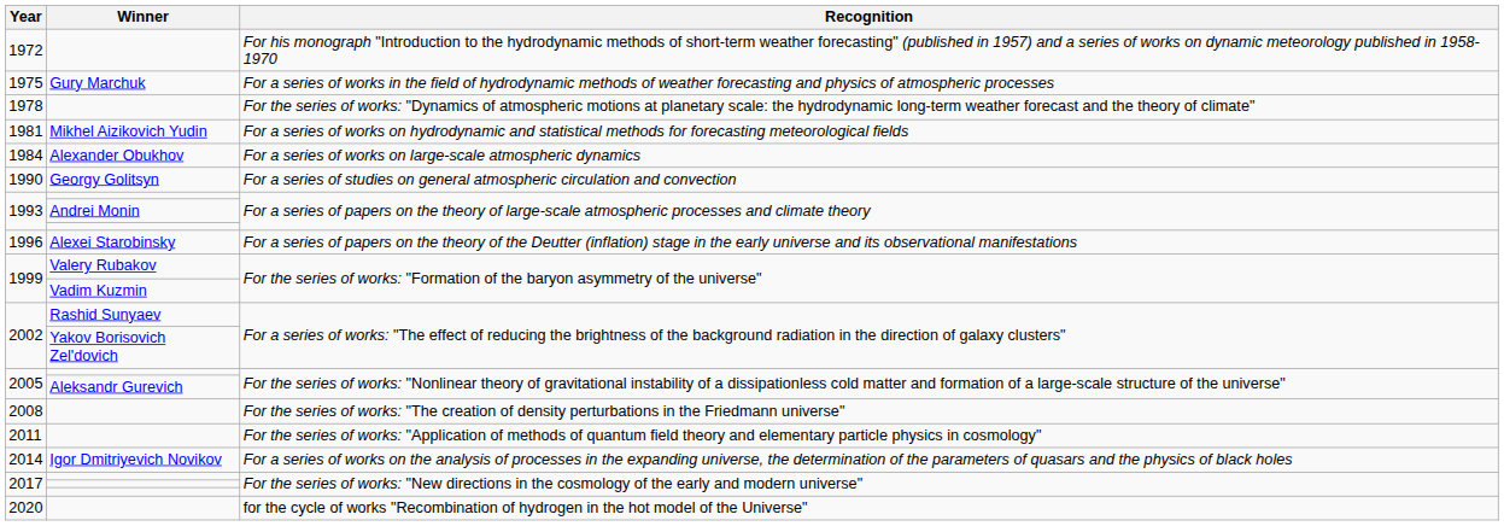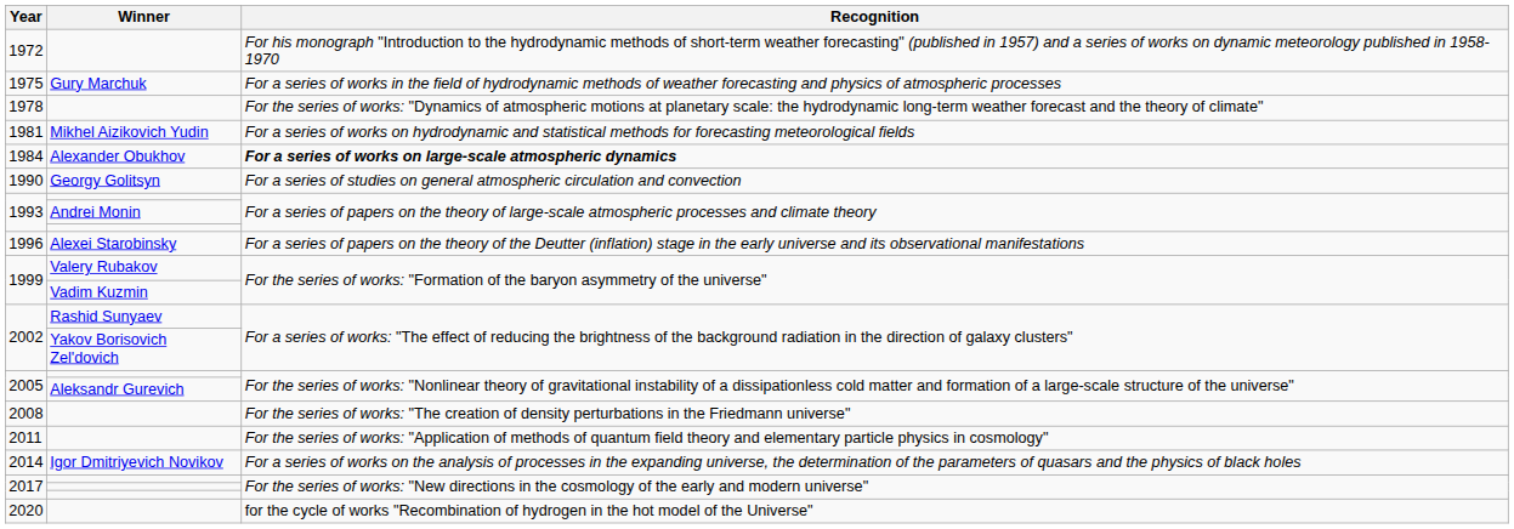 <table class="wikitable" style="text-align:left; border-style:ridge;">
 <tr>
 <th>Year</th>
 <th>Winner</th>
 <th>Recognition</th>
 </tr>
 <tr>
 <td>1972</td>
 <td></td>
 <td><em>For his monograph</em> "Introduction to the hydrodynamic methods of short-term weather forecasting" <em>(published in 1957) and a series of works on dynamic meteorology published in 1958-1970</em></td>
 </tr>
 <tr>
 <td>1975</td>
 <td><a href='#'>Gury Marchuk</a></td>
 <td><em>For a series of works in the field of hydrodynamic methods of weather forecasting and physics of atmospheric processes</em></td>
 </tr>
 <tr>
 <td>1978</td>
 <td></td>
 <td><em>For the series of works:</em> "Dynamics of atmospheric motions at planetary scale: the hydrodynamic long-term weather forecast and the theory of climate"</td>
 </tr>
 <tr>
 <td>1981</td>
 <td><a href='#'>Mikhel Aizikovich Yudin</a></td>
 <td><em>For a series of works on hydrodynamic and statistical methods for forecasting meteorological fields</em></td>
 </tr>
 <tr>
 <td>1984</td>
 <td><a href='#'>Alexander Obukhov</a></td>
-<td><em>For a series of works on large-scale atmospheric dynamics</em></td>
+<td><strong><em>For a series of works on large-scale atmospheric dynamics</em></strong></td>
 </tr>
 <tr>
 <td>1990</td>
 <td><a href='#'>Georgy Golitsyn</a></td>
 <td><em>For a series of studies on general atmospheric circulation and convection</em></td>
 </tr>
 <tr>
 <td rowspan=3>1993</td>
 <td></td>
 <td rowspan=3><em>For a series of papers on the theory of large-scale atmospheric processes and climate theory</em></td>
 </tr>
 <tr>
 <td><a href='#'>Andrei Monin</a></td>
 </tr>
 <tr>
 <td></td>
 </tr>
 <tr>
 <td>1996</td>
 <td><a href='#'>Alexei Starobinsky</a></td>
 <td><em>For a series of papers on the theory of the Deutter (inflation) stage in the early universe and its observational manifestations</em></td>
 </tr>
 <tr>
 <td rowspan=2>1999</td>
 <td><a href='#'>Valery Rubakov</a></td>
 <td rowspan=2><em>	For the series of works:</em> "Formation of the baryon asymmetry of the universe"</td>
 </tr>
 <tr>
 <td><a href='#'>Vadim Kuzmin</a></td>
 </tr>
 <tr>
 <td rowspan=2>2002</td>
 <td><a href='#'>Rashid Sunyaev</a></td>
 <td rowspan=2><em>For a series of works:</em> "The effect of reducing the brightness of the background radiation in the direction of galaxy clusters"</td>
 </tr>
 <tr>
 <td><a href='#'>Yakov Borisovich Zel'dovich</a></td>
 </tr>
 <tr>
 <td rowspan=2>2005</td>
 <td></td>
 <td rowspan=2><em>For the series of works:</em> "Nonlinear theory of gravitational instability of a dissipationless cold matter and formation of a large-scale structure of the universe"</td>
 </tr>
 <tr>
 <td><a href='#'>Aleksandr Gurevich</a></td>
 </tr>
 <tr>
 <td>2008</td>
 <td></td>
 <td><em>For the series of works:</em> "The creation of density perturbations in the Friedmann universe"</td>
 </tr>
 <tr>
 <td>2011</td>
 <td></td>
 <td><em>For the series of works:</em> "Application of methods of quantum field theory and elementary particle physics in cosmology"</td>
 </tr>
 <tr>
 <td>2014</td>
 <td><a href='#'>Igor Dmitriyevich Novikov</a></td>
 <td><em>For a series of works on the analysis of processes in the expanding universe, the determination of the parameters of quasars and the physics of black holes</em></td>
 </tr>
 <tr>
 <td rowspan=3>2017</td>
 <td></td>
 <td rowspan=3><em>For the series of works:</em> "New directions in the cosmology of the early and modern universe"</td>
 </tr>
 <tr>
 <td></td>
 </tr>
 <tr>
 <td></td>
 </tr>
 <tr>
 <td>2020</td>
 <td></td>
 <td>for the cycle of works "Recombination of hydrogen in the hot model of the Universe"</td>
 </tr>
 </table>
